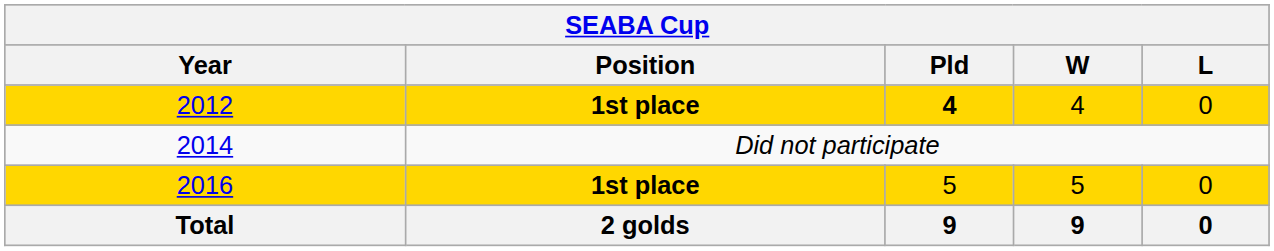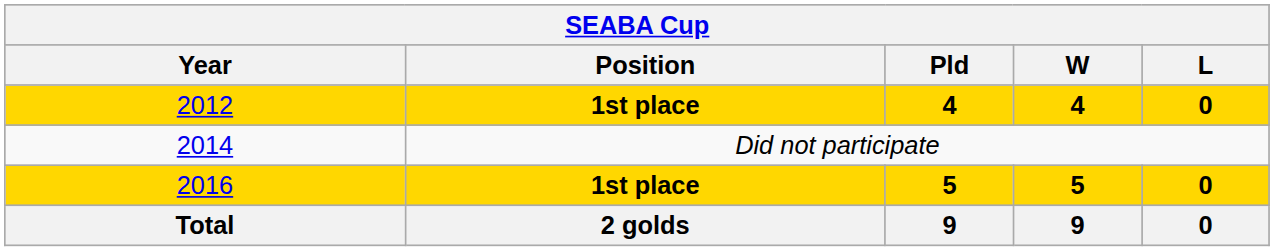 <table class="wikitable collapsible autocollapse" style="text-align: center; font-size:95%;" width=60%>
 <tr>
 <th colspan=9><a href='#'>SEABA Cup</a></th>
 </tr>
 <tr>
 <th width=25%>Year</th>
 <th width=30%>Position</th>
 <th width=8%>Pld</th>
 <th width=8%>W</th>
 <th width=8%>L</th>
 </tr>
 <tr bgcolor=gold>
 <td> <a href='#'>2012</a></td>
 <td><strong>1st place</strong></td>
 <td><strong>4</strong></td>
-<td>4</td>
-<td>0</td>
+<td><strong>4</strong></td>
+<td><strong>0</strong></td>
 </tr>
 <tr>
 <td> <a href='#'>2014</a></td>
 <td colspan=5><em>Did not participate</em></td>
 </tr>
 <tr bgcolor=gold>
 <td> <a href='#'>2016</a></td>
 <td><strong>1st place</strong></td>
-<td>5</td>
-<td>5</td>
-<td>0</td>
+<td><strong>5</strong></td>
+<td><strong>5</strong></td>
+<td><strong>0</strong></td>
 </tr>
 <tr>
 <th><strong>Total</strong></th>
 <th>2 golds</th>
 <th>9</th>
 <th>9</th>
 <th>0</th>
 </tr>
 </table>
